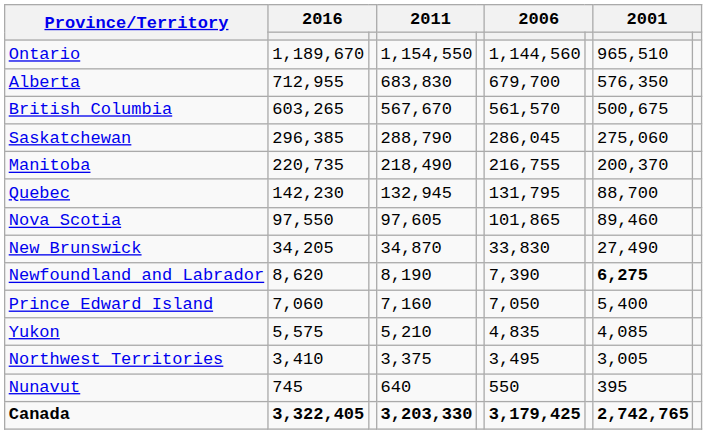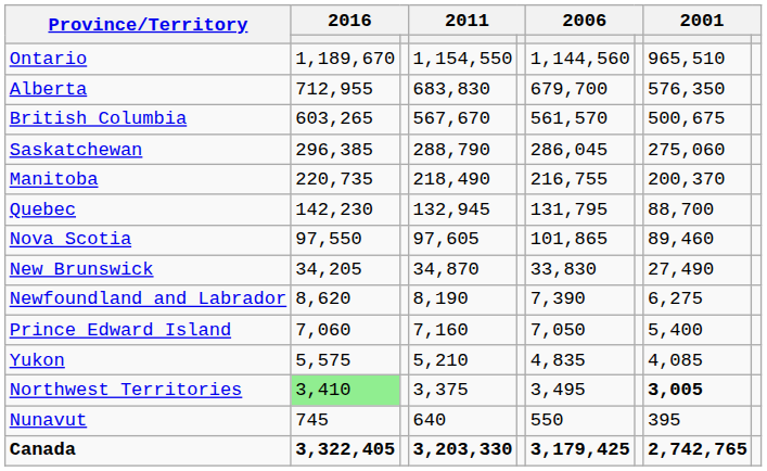 <table class="wikitable sortable">
 <tr>
 <th rowspan="2"><a href='#'>Province/Territory</a></th>
 <th colspan="2">2016</th>
 <th colspan="2">2011</th>
 <th colspan="2">2006</th>
 <th colspan="2">2001</th>
 </tr>
 <tr>
 <th><a href='#'></a></th>
 <th></th>
 <th></th>
 <th></th>
 <th></th>
 <th></th>
 <th></th>
 <th></th>
 </tr>
 <tr>
 <td> <a href='#'>Ontario</a></td>
 <td>1,189,670</td>
 <td></td>
 <td>1,154,550</td>
 <td></td>
 <td>1,144,560</td>
 <td></td>
 <td>965,510</td>
 <td></td>
 </tr>
 <tr>
 <td> <a href='#'>Alberta</a></td>
 <td>712,955</td>
 <td></td>
 <td>683,830</td>
 <td></td>
 <td>679,700</td>
 <td></td>
 <td>576,350</td>
 <td></td>
 </tr>
 <tr>
 <td> <a href='#'>British Columbia</a></td>
 <td>603,265</td>
 <td></td>
 <td>567,670</td>
 <td></td>
 <td>561,570</td>
 <td></td>
 <td>500,675</td>
 <td></td>
 </tr>
 <tr>
 <td> <a href='#'>Saskatchewan</a></td>
 <td>296,385</td>
 <td></td>
 <td>288,790</td>
 <td></td>
 <td>286,045</td>
 <td></td>
 <td>275,060</td>
 <td></td>
 </tr>
 <tr>
 <td> <a href='#'>Manitoba</a></td>
 <td>220,735</td>
 <td></td>
 <td>218,490</td>
 <td></td>
 <td>216,755</td>
 <td></td>
 <td>200,370</td>
 <td></td>
 </tr>
 <tr>
 <td> <a href='#'>Quebec</a></td>
 <td>142,230</td>
 <td></td>
 <td>132,945</td>
 <td></td>
 <td>131,795</td>
 <td></td>
 <td>88,700</td>
 <td></td>
 </tr>
 <tr>
 <td> <a href='#'>Nova Scotia</a></td>
 <td>97,550</td>
 <td></td>
 <td>97,605</td>
 <td></td>
 <td>101,865</td>
 <td></td>
 <td>89,460</td>
 <td></td>
 </tr>
 <tr>
 <td> <a href='#'>New Brunswick</a></td>
 <td>34,205</td>
 <td></td>
 <td>34,870</td>
 <td></td>
 <td>33,830</td>
 <td></td>
 <td>27,490</td>
 <td></td>
 </tr>
 <tr>
 <td> <a href='#'>Newfoundland and Labrador</a></td>
 <td>8,620</td>
 <td></td>
 <td>8,190</td>
 <td></td>
 <td>7,390</td>
 <td></td>
-<td><strong>6,275</strong></td>
+<td>6,275</td>
 <td></td>
 </tr>
 <tr>
 <td> <a href='#'>Prince Edward Island</a></td>
 <td>7,060</td>
 <td></td>
 <td>7,160</td>
 <td></td>
 <td>7,050</td>
 <td></td>
 <td>5,400</td>
 <td></td>
 </tr>
 <tr>
 <td> <a href='#'>Yukon</a></td>
 <td>5,575</td>
 <td></td>
 <td>5,210</td>
 <td></td>
 <td>4,835</td>
 <td></td>
 <td>4,085</td>
 <td></td>
 </tr>
 <tr>
 <td> <a href='#'>Northwest Territories</a></td>
-<td>3,410</td>
+<td style="background: lightgreen;">3,410</td>
 <td></td>
 <td>3,375</td>
 <td></td>
 <td>3,495</td>
 <td></td>
-<td>3,005</td>
+<td><strong>3,005</strong></td>
 <td></td>
 </tr>
 <tr>
 <td> <a href='#'>Nunavut</a></td>
 <td>745</td>
 <td></td>
 <td>640</td>
 <td></td>
 <td>550</td>
 <td></td>
 <td>395</td>
 <td></td>
 </tr>
 <tr>
 <td> <strong>Canada</strong></td>
 <td><strong>3,322,405</strong></td>
 <td><strong></strong></td>
 <td><strong>3,203,330</strong></td>
 <td><strong></strong></td>
 <td><strong>3,179,425</strong></td>
 <td><strong></strong></td>
 <td><strong>2,742,765</strong></td>
 <td><strong></strong></td>
 </tr>
 </table>
